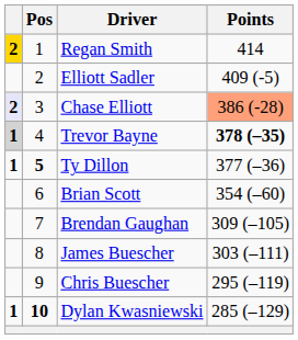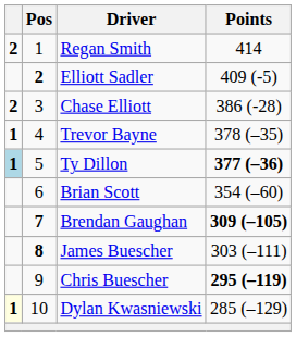 <table class="wikitable" style="font-size: 95%;">
 <tr>
 <th></th>
 <th>Pos</th>
 <th>Driver</th>
 <th>Points</th>
 </tr>
 <tr>
-<td align="left" style="background: gold;"> <strong>2</strong></td>
+<td align="left"> <strong>2</strong></td>
 <td style="text-align:center;">1</td>
 <td><a href='#'>Regan Smith</a></td>
 <td style="text-align:center;">414</td>
 </tr>
 <tr>
 <td align="left"></td>
-<td style="text-align:center;">2</td>
+<td style="text-align:center;"><strong>2</strong></td>
 <td><a href='#'>Elliott Sadler</a></td>
 <td style="text-align:center;">409 (-5)</td>
 </tr>
 <tr>
-<td align="left" style="background: lavender;"> <strong>2</strong></td>
+<td align="left"> <strong>2</strong></td>
 <td style="text-align:center;">3</td>
 <td><a href='#'>Chase Elliott</a></td>
-<td style="background: lightsalmon; text-align:center;">386 (-28)</td>
-</tr>
-<tr>
-<td align="left" style="background: lightgrey;"> <strong>1</strong></td>
-<td style="text-align:center;">4</td>
-<td><a href='#'>Trevor Bayne</a></td>
-<td style="text-align:center;"><strong>378 (–35)</strong></td>
+<td style="text-align:center;">386 (-28)</td>
 </tr>
 <tr>
 <td align="left"> <strong>1</strong></td>
-<td style="text-align:center;"><strong>5</strong></td>
+<td style="text-align:center;">4</td>
+<td><a href='#'>Trevor Bayne</a></td>
+<td style="text-align:center;">378 (–35)</td>
+</tr>
+<tr>
+<td align="left" style="background: lightblue;"> <strong>1</strong></td>
+<td style="text-align:center;">5</td>
 <td><a href='#'>Ty Dillon</a></td>
-<td style="text-align:center;">377 (–36)</td>
+<td style="text-align:center;"><strong>377 (–36)</strong></td>
 </tr>
 <tr>
 <td align="left"></td>
 <td style="text-align:center;">6</td>
 <td><a href='#'>Brian Scott</a></td>
 <td style="text-align:center;">354 (–60)</td>
 </tr>
 <tr>
 <td align="left"></td>
-<td style="text-align:center;">7</td>
+<td style="text-align:center;"><strong>7</strong></td>
 <td><a href='#'>Brendan Gaughan</a></td>
-<td style="text-align:center;">309 (–105)</td>
+<td style="text-align:center;"><strong>309 (–105)</strong></td>
 </tr>
 <tr>
 <td align="left"></td>
-<td style="text-align:center;">8</td>
+<td style="text-align:center;"><strong>8</strong></td>
 <td><a href='#'>James Buescher</a></td>
 <td style="text-align:center;">303 (–111)</td>
 </tr>
 <tr>
 <td align="left"></td>
 <td style="text-align:center;">9</td>
 <td><a href='#'>Chris Buescher</a></td>
-<td style="text-align:center;">295 (–119)</td>
+<td style="text-align:center;"><strong>295 (–119)</strong></td>
 </tr>
 <tr>
-<td align="left"> <strong>1</strong></td>
-<td style="text-align:center;"><strong>10</strong></td>
+<td align="left" style="background: lightyellow;"> <strong>1</strong></td>
+<td style="text-align:center;">10</td>
 <td><a href='#'>Dylan Kwasniewski</a></td>
 <td style="text-align:center;">285 (–129)</td>
 </tr>
 <tr class="sortbottom">
 <th colspan="9"></th>
 </tr>
 </table>
